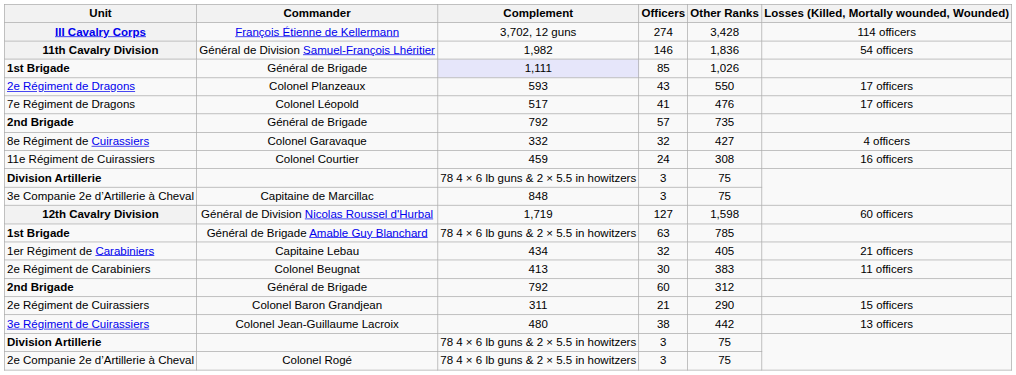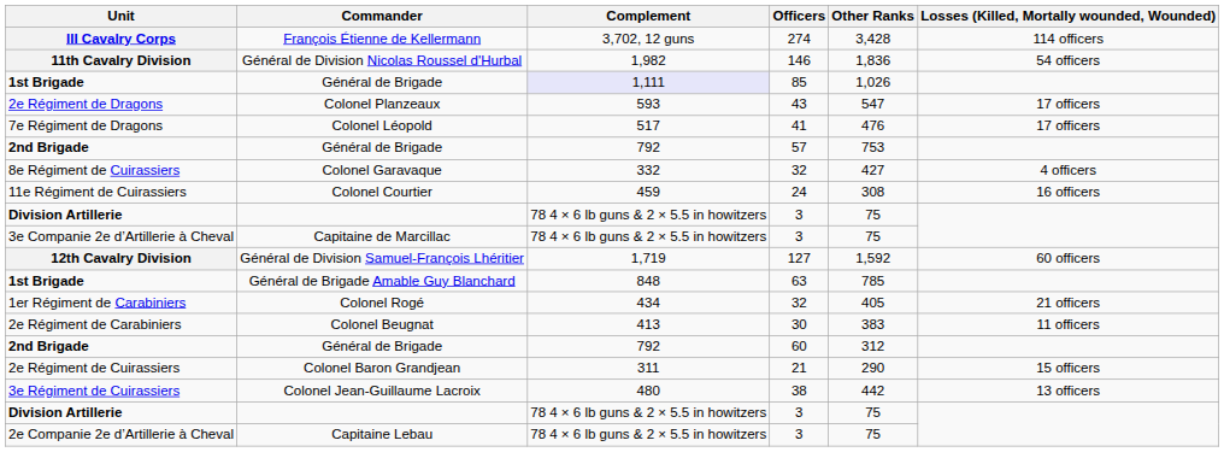 <table class="wikitable">
 <tr>
 <th>Unit</th>
 <th>Commander</th>
 <th>Complement</th>
 <th>Officers</th>
 <th>Other Ranks</th>
 <th>Losses (Killed, Mortally wounded, Wounded)</th>
 </tr>
 <tr>
 <th colspan="1" bgcolor="#f9f9f9;"><a href='#'>III Cavalry Corps</a></th>
 <td align="center"><a href='#'>François Étienne de Kellermann</a></td>
 <td align="center">3,702, 12 guns</td>
 <td align="center">274</td>
 <td align="center">3,428</td>
 <td align="center">114 officers</td>
 </tr>
 <tr>
 <th colspan="1" bgcolor="#f9f9f9;">11th Cavalry Division</th>
-<td align="center">Général de Division <a href='#'>Samuel-François Lhéritier</a></td>
+<td align="center">Général de Division <a href='#'>Nicolas Roussel d'Hurbal</a></td>
 <td align="center">1,982</td>
 <td align="center">146</td>
 <td align="center">1,836</td>
 <td align="center">54 officers</td>
 </tr>
 <tr>
 <td><strong>1st Brigade</strong></td>
 <td align="center">Général de Brigade </td>
 <td align="center" style="background: lavender;">1,111</td>
 <td align="center">85</td>
 <td align="center">1,026</td>
 </tr>
 <tr>
 <td><a href='#'>2e Régiment de Dragons</a></td>
 <td align="center">Colonel Planzeaux</td>
 <td align="center">593</td>
 <td align="center">43</td>
-<td align="center">550</td>
+<td align="center">547</td>
 <td align="center">17 officers</td>
 </tr>
 <tr>
 <td>7e Régiment de Dragons</td>
 <td align="center">Colonel Léopold</td>
 <td align="center">517</td>
 <td align="center">41</td>
 <td align="center">476</td>
 <td align="center">17 officers</td>
 </tr>
 <tr>
 <td><strong>2nd Brigade</strong></td>
 <td align="center">Général de Brigade </td>
 <td align="center">792</td>
 <td align="center">57</td>
-<td align="center">735</td>
+<td align="center">753</td>
 </tr>
 <tr>
 <td>8e Régiment de <a href='#'>Cuirassiers</a></td>
 <td align="center">Colonel Garavaque</td>
 <td align="center">332</td>
 <td align="center">32</td>
 <td align="center">427</td>
 <td align="center">4 officers</td>
 </tr>
 <tr>
 <td>11e Régiment de Cuirassiers</td>
 <td align="center">Colonel Courtier</td>
 <td align="center">459</td>
 <td align="center">24</td>
 <td align="center">308</td>
 <td align="center">16 officers</td>
 </tr>
 <tr>
 <td><strong>Division Artillerie</strong></td>
 <td align="center"></td>
 <td align="center">78 4 × 6 lb guns & 2 × 5.5 in howitzers</td>
 <td align="center">3</td>
 <td align="center">75</td>
 </tr>
 <tr>
 <td>3e Companie 2e d’Artillerie à Cheval</td>
 <td align="center">Capitaine de Marcillac</td>
-<td align="center">848</td>
+<td align="center">78 4 × 6 lb guns & 2 × 5.5 in howitzers</td>
 <td align="center">3</td>
 <td align="center">75</td>
 </tr>
 <tr>
 <th colspan="1" bgcolor="#f9f9f9;">12th Cavalry Division</th>
-<td align="center">Général de Division <a href='#'>Nicolas Roussel d'Hurbal</a></td>
+<td align="center">Général de Division <a href='#'>Samuel-François Lhéritier</a></td>
 <td align="center">1,719</td>
 <td align="center">127</td>
-<td align="center">1,598</td>
+<td align="center">1,592</td>
 <td align="center">60 officers</td>
 </tr>
 <tr>
 <td><strong>1st Brigade</strong></td>
 <td align="center">Général de Brigade <a href='#'>Amable Guy Blanchard</a></td>
-<td align="center">78 4 × 6 lb guns & 2 × 5.5 in howitzers</td>
+<td align="center">848</td>
 <td align="center">63</td>
 <td align="center">785</td>
 </tr>
 <tr>
 <td>1er Régiment de <a href='#'>Carabiniers</a></td>
-<td align="center">Capitaine Lebau</td>
+<td align="center">Colonel Rogé</td>
 <td align="center">434</td>
 <td align="center">32</td>
 <td align="center">405</td>
 <td align="center">21 officers</td>
 </tr>
 <tr>
 <td>2e Régiment de Carabiniers</td>
 <td align="center">Colonel Beugnat</td>
 <td align="center">413</td>
 <td align="center">30</td>
 <td align="center">383</td>
 <td align="center">11 officers</td>
 </tr>
 <tr>
 <td><strong>2nd Brigade</strong></td>
 <td align="center">Général de Brigade </td>
 <td align="center">792</td>
 <td align="center">60</td>
 <td align="center">312</td>
 </tr>
 <tr>
 <td>2e Régiment de Cuirassiers</td>
 <td align="center">Colonel Baron Grandjean</td>
 <td align="center">311</td>
 <td align="center">21</td>
 <td align="center">290</td>
 <td align="center">15 officers</td>
 </tr>
 <tr>
 <td><a href='#'>3e Régiment de Cuirassiers</a></td>
 <td align="center">Colonel Jean-Guillaume Lacroix</td>
 <td align="center">480</td>
 <td align="center">38</td>
 <td align="center">442</td>
 <td align="center">13 officers</td>
 </tr>
 <tr>
 <td><strong>Division Artillerie</strong></td>
 <td align="center"></td>
 <td align="center">78 4 × 6 lb guns & 2 × 5.5 in howitzers</td>
 <td align="center">3</td>
 <td align="center">75</td>
 </tr>
 <tr>
 <td>2e Companie 2e d’Artillerie à Cheval</td>
-<td align="center">Colonel Rogé</td>
+<td align="center">Capitaine Lebau</td>
 <td align="center">78 4 × 6 lb guns & 2 × 5.5 in howitzers</td>
 <td align="center">3</td>
 <td align="center">75</td>
 </tr>
 </table>
